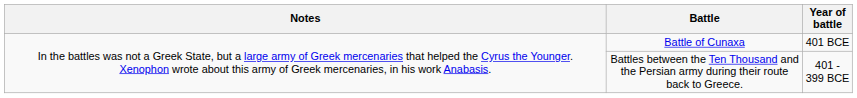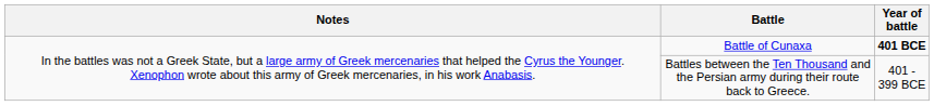 <table class="wikitable" style="text-align:center">
 <tr>
 <th class="unsortable" width="71%">Notes</th>
 <th class="unsortable">Battle</th>
 <th class="unsortable">Year of battle</th>
 </tr>
 <tr>
 <td rowspan=2>In the battles was not a Greek State, but a <a href='#'>large army of Greek mercenaries</a> that helped the <a href='#'>Cyrus the Younger</a>. <br> <a href='#'>Xenophon</a> wrote about this army of Greek mercenaries, in his work <a href='#'>Anabasis</a>.</td>
 <td><a href='#'>Battle of Cunaxa</a></td>
-<td>401 BCE</td>
+<td><strong>401 BCE</strong></td>
 </tr>
 <tr>
 <td>Battles between the <a href='#'>Ten Thousand</a> and the Persian army during their route back to Greece.</td>
 <td>401 - 399 BCE</td>
 </tr>
 </table>
